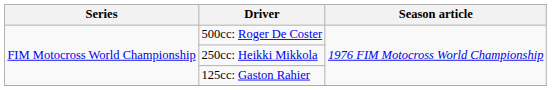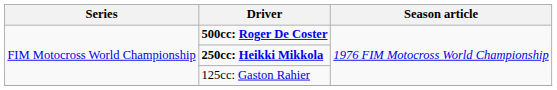 <table class="wikitable" style="font-size: 87%;">
 <tr>
 <th>Series</th>
 <th>Driver</th>
 <th>Season article</th>
 </tr>
 <tr>
 <td rowspan=3><a href='#'>FIM Motocross World Championship</a></td>
-<td>500cc:  <a href='#'>Roger De Coster</a></td>
+<td><strong>500cc:  <a href='#'>Roger De Coster</a></strong></td>
 <td rowspan=3><em><a href='#'>1976 FIM Motocross World Championship</a></em></td>
 </tr>
 <tr>
-<td>250cc:  <a href='#'>Heikki Mikkola</a></td>
+<td><strong>250cc:  <a href='#'>Heikki Mikkola</a></strong></td>
 </tr>
 <tr>
 <td>125cc:  <a href='#'>Gaston Rahier</a></td>
 </tr>
 <tr>
 </tr>
 </table>
